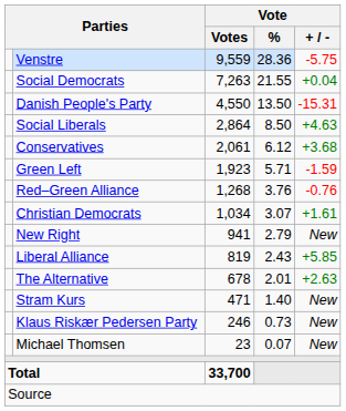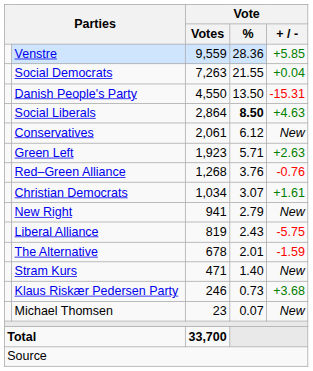 <table class="wikitable" style="text-align:right;">
 <tr>
 <th style="text-align:centre;" rowspan="2" colspan="2" width="225">Parties</th>
 <th colspan="3">Vote</th>
 </tr>
 <tr>
 <th width="15">Votes</th>
 <th width="15">%</th>
 <th width="15">+ / -</th>
 </tr>
 <tr>
 <td width="2" style="color:inherit;background:"></td>
 <td bgcolor=#cfe5fe  align="left"><a href='#'>Venstre</a></td>
 <td bgcolor=#cfe5fe>9,559</td>
 <td bgcolor=#cfe5fe>28.36</td>
-<td style=color:red;>-5.75</td>
+<td style=color:green;>+5.85</td>
 </tr>
 <tr>
 <td width="2" style="color:inherit;background:"></td>
 <td align="left"><a href='#'>Social Democrats</a></td>
 <td>7,263</td>
 <td>21.55</td>
 <td style=color:green;>+0.04</td>
 </tr>
 <tr>
 <td width="2" style="color:inherit;background:"></td>
 <td align="left"><a href='#'>Danish People's Party</a></td>
 <td>4,550</td>
 <td>13.50</td>
 <td style=color:red;>-15.31</td>
 </tr>
 <tr>
 <td width="2" style="color:inherit;background:"></td>
 <td align="left"><a href='#'>Social Liberals</a></td>
 <td>2,864</td>
-<td>8.50</td>
+<td><strong>8.50</strong></td>
 <td style=color:green;>+4.63</td>
 </tr>
 <tr>
 <td width="2" style="color:inherit;background:"></td>
 <td align="left"><a href='#'>Conservatives</a></td>
 <td>2,061</td>
 <td>6.12</td>
-<td style=color:green;>+3.68</td>
+<td><em>New</em></td>
 </tr>
 <tr>
 <td width="2" style="color:inherit;background:"></td>
 <td align="left"><a href='#'>Green Left</a></td>
 <td>1,923</td>
 <td>5.71</td>
-<td style=color:red;>-1.59</td>
+<td style=color:green;>+2.63</td>
 </tr>
 <tr>
 <td width="2" style="color:inherit;background:"></td>
 <td align="left"><a href='#'>Red–Green Alliance</a></td>
 <td>1,268</td>
 <td>3.76</td>
 <td style=color:red;>-0.76</td>
 </tr>
 <tr>
 <td width="2" style="color:inherit;background:"></td>
 <td align="left"><a href='#'>Christian Democrats</a></td>
 <td>1,034</td>
 <td>3.07</td>
 <td style=color:green;>+1.61</td>
 </tr>
 <tr>
 <td width="2" style="color:inherit;background:"></td>
 <td align="left"><a href='#'>New Right</a></td>
 <td>941</td>
 <td>2.79</td>
 <td><em>New</em></td>
 </tr>
 <tr>
 <td width="2" style="color:inherit;background:"></td>
 <td align="left"><a href='#'>Liberal Alliance</a></td>
 <td>819</td>
 <td>2.43</td>
-<td style=color:green;>+5.85</td>
+<td style=color:red;>-5.75</td>
 </tr>
 <tr>
 <td width="2" style="color:inherit;background:"></td>
 <td align="left"><a href='#'>The Alternative</a></td>
 <td>678</td>
 <td>2.01</td>
-<td style=color:green;>+2.63</td>
+<td style=color:red;>-1.59</td>
 </tr>
 <tr>
 <td width="2" style="color:inherit;background:"></td>
 <td align="left"><a href='#'>Stram Kurs</a></td>
 <td>471</td>
 <td>1.40</td>
 <td><em>New</em></td>
 </tr>
 <tr>
 <td width="2" style="color:inherit;background:"></td>
 <td align="left"><a href='#'>Klaus Riskær Pedersen Party</a></td>
 <td>246</td>
 <td>0.73</td>
-<td><em>New</em></td>
+<td style=color:green;>+3.68</td>
 </tr>
 <tr>
 <td width="2" style="color:inherit;background:"></td>
 <td align="left">Michael Thomsen</td>
 <td>23</td>
 <td>0.07</td>
 <td><em>New</em></td>
 </tr>
 <tr>
 <td colspan="7" bgcolor="#E9E9E9"></td>
 </tr>
 <tr>
 <td align="left" colspan="2"><strong>Total</strong></td>
 <td><strong>33,700</strong></td>
 <td bgcolor="#E9E9E9" colspan="2"></td>
 </tr>
 <tr>
 <td align="left" colspan="6">Source</td>
 </tr>
 </table>
